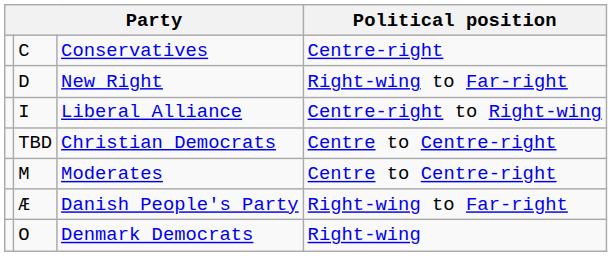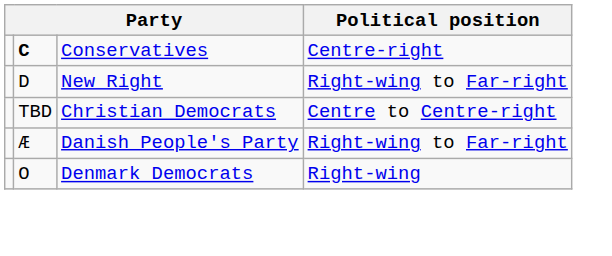 <table class="wikitable">
 <tr>
 <th colspan="3">Party</th>
 <th>Political position</th>
 </tr>
 <tr>
 <td></td>
-<td>C</td>
+<td><strong>C</strong></td>
 <td><a href='#'>Conservatives</a></td>
 <td><a href='#'>Centre-right</a></td>
 </tr>
 <tr>
 <td></td>
 <td>D</td>
 <td><a href='#'>New Right</a></td>
 <td><a href='#'>Right-wing</a> to  <a href='#'>Far-right</a></td>
 </tr>
 <tr>
 <td></td>
-<td>I</td>
-<td><a href='#'>Liberal Alliance</a></td>
-<td><a href='#'>Centre-right</a> to <a href='#'>Right-wing</a></td>
-</tr>
-<tr>
-<td></td>
 <td>TBD</td>
 <td><a href='#'>Christian Democrats</a></td>
-<td><a href='#'>Centre</a> to <a href='#'>Centre-right</a></td>
-</tr>
-<tr>
-<td></td>
-<td>M</td>
-<td><a href='#'>Moderates</a></td>
 <td><a href='#'>Centre</a> to <a href='#'>Centre-right</a></td>
 </tr>
 <tr>
 <td></td>
 <td>Æ</td>
 <td><a href='#'>Danish People's Party</a></td>
 <td><a href='#'>Right-wing</a> to  <a href='#'>Far-right</a></td>
 </tr>
 <tr>
 <td></td>
 <td>O</td>
 <td><a href='#'>Denmark Democrats</a></td>
 <td><a href='#'>Right-wing</a></td>
 </tr>
 </table>
